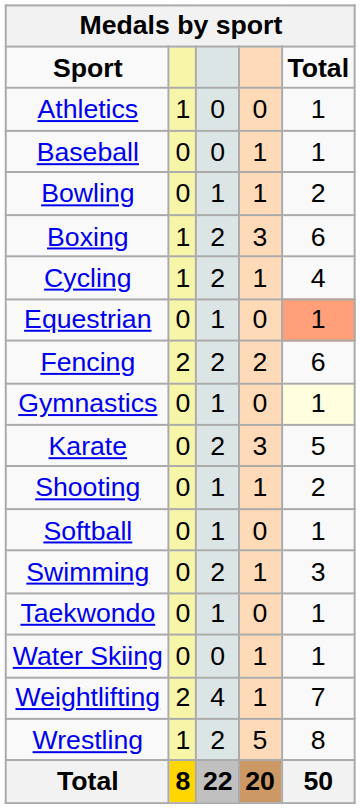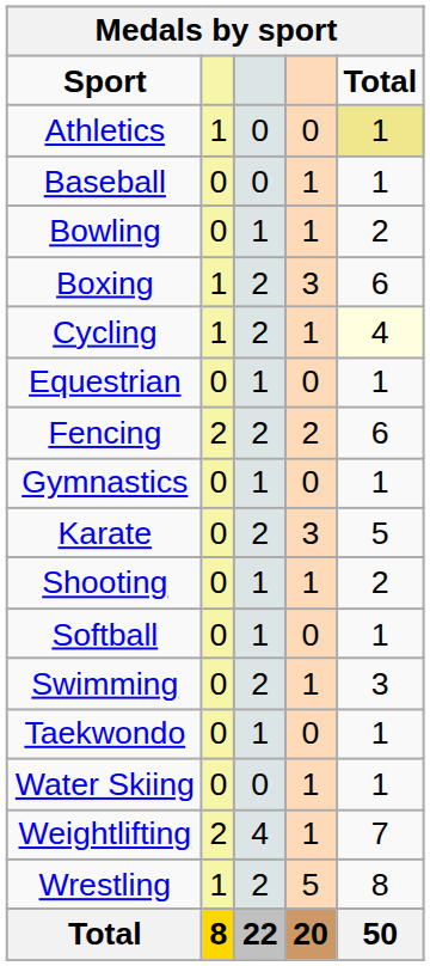 <table class="wikitable" style="font-size:85%; float:right;">
 <tr style="background:#efefef;">
 <th colspan=7>Medals by sport</th>
 </tr>
 <tr align=center>
 <td><strong>Sport</strong></td>
 <td style="background:#f7f6a8;"></td>
 <td style="background:#dce5e5;"></td>
 <td style="background:#ffdab9;"></td>
 <td><strong>Total</strong></td>
 </tr>
 <tr align=center>
 <td><a href='#'>Athletics</a></td>
 <td style="background:#f7f6a8;">1</td>
 <td style="background:#dce5e5;">0</td>
 <td style="background:#ffdab9;">0</td>
-<td>1</td>
+<td style="background: khaki;">1</td>
 </tr>
 <tr align=center>
 <td><a href='#'>Baseball</a></td>
 <td style="background:#f7f6a8;">0</td>
 <td style="background:#dce5e5;">0</td>
 <td style="background:#ffdab9;">1</td>
 <td>1</td>
 </tr>
 <tr align=center>
 <td><a href='#'>Bowling</a></td>
 <td style="background:#f7f6a8;">0</td>
 <td style="background:#dce5e5;">1</td>
 <td style="background:#ffdab9;">1</td>
 <td>2</td>
 </tr>
 <tr align=center>
 <td><a href='#'>Boxing</a></td>
 <td style="background:#f7f6a8;">1</td>
 <td style="background:#dce5e5;">2</td>
 <td style="background:#ffdab9;">3</td>
 <td>6</td>
 </tr>
 <tr align=center>
 <td><a href='#'>Cycling</a></td>
 <td style="background:#f7f6a8;">1</td>
 <td style="background:#dce5e5;">2</td>
 <td style="background:#ffdab9;">1</td>
-<td>4</td>
+<td style="background: lightyellow;">4</td>
 </tr>
 <tr align=center>
 <td><a href='#'>Equestrian</a></td>
 <td style="background:#f7f6a8;">0</td>
 <td style="background:#dce5e5;">1</td>
 <td style="background:#ffdab9;">0</td>
-<td style="background: lightsalmon;">1</td>
+<td>1</td>
 </tr>
 <tr align=center>
 <td><a href='#'>Fencing</a></td>
 <td style="background:#f7f6a8;">2</td>
 <td style="background:#dce5e5;">2</td>
 <td style="background:#ffdab9;">2</td>
 <td>6</td>
 </tr>
 <tr align=center>
 <td><a href='#'>Gymnastics</a></td>
 <td style="background:#f7f6a8;">0</td>
 <td style="background:#dce5e5;">1</td>
 <td style="background:#ffdab9;">0</td>
-<td style="background: lightyellow;">1</td>
+<td>1</td>
 </tr>
 <tr align=center>
 <td><a href='#'>Karate</a></td>
 <td style="background:#f7f6a8;">0</td>
 <td style="background:#dce5e5;">2</td>
 <td style="background:#ffdab9;">3</td>
 <td>5</td>
 </tr>
 <tr align=center>
 <td><a href='#'>Shooting</a></td>
 <td style="background:#f7f6a8;">0</td>
 <td style="background:#dce5e5;">1</td>
 <td style="background:#ffdab9;">1</td>
 <td>2</td>
 </tr>
 <tr align=center>
 <td><a href='#'>Softball</a></td>
 <td style="background:#f7f6a8;">0</td>
 <td style="background:#dce5e5;">1</td>
 <td style="background:#ffdab9;">0</td>
 <td>1</td>
 </tr>
 <tr align=center>
 <td><a href='#'>Swimming</a></td>
 <td style="background:#f7f6a8;">0</td>
 <td style="background:#dce5e5;">2</td>
 <td style="background:#ffdab9;">1</td>
 <td>3</td>
 </tr>
 <tr align=center>
 <td><a href='#'>Taekwondo</a></td>
 <td style="background:#f7f6a8;">0</td>
 <td style="background:#dce5e5;">1</td>
 <td style="background:#ffdab9;">0</td>
 <td>1</td>
 </tr>
 <tr align=center>
 <td><a href='#'>Water Skiing</a></td>
 <td style="background:#f7f6a8;">0</td>
 <td style="background:#dce5e5;">0</td>
 <td style="background:#ffdab9;">1</td>
 <td>1</td>
 </tr>
 <tr align=center>
 <td><a href='#'>Weightlifting</a></td>
 <td style="background:#f7f6a8;">2</td>
 <td style="background:#dce5e5;">4</td>
 <td style="background:#ffdab9;">1</td>
 <td>7</td>
 </tr>
 <tr align=center>
 <td><a href='#'>Wrestling</a></td>
 <td style="background:#f7f6a8;">1</td>
 <td style="background:#dce5e5;">2</td>
 <td style="background:#ffdab9;">5</td>
 <td>8</td>
 </tr>
 <tr align=center>
 <th>Total</th>
 <th style="background:gold;">8</th>
 <th style="background:silver;">22</th>
 <th style="background:#c96;">20</th>
 <th>50</th>
 </tr>
 </table>
